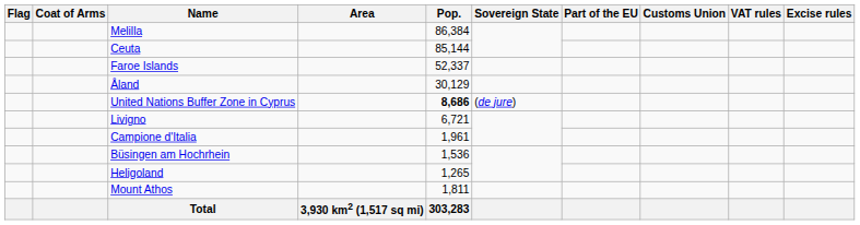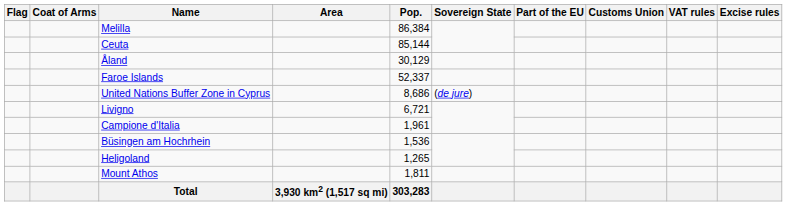 <table class="wikitable sortable" style=font-size:90%>
 <tr>
 <th class=unsortable>Flag</th>
 <th class=unsortable>Coat of Arms</th>
 <th>Name</th>
 <th>Area</th>
 <th>Pop.</th>
 <th>Sove­reign State</th>
 <th>Part of the EU</th>
 <th>Cus­toms Union</th>
 <th>VAT rules</th>
 <th>Ex­cise rules</th>
 </tr>
 <tr>
 <td></td>
 <td></td>
 <td><a href='#'>Melilla</a></td>
 <td style=text-align:right></td>
 <td style=text-align:right>86,384</td>
 <td rowspan=2></td>
 <td></td>
 <td></td>
 <td></td>
 <td></td>
 </tr>
 <tr>
 <td></td>
 <td></td>
 <td><a href='#'>Ceuta</a></td>
 <td style=text-align:right></td>
 <td style=text-align:right>85,144</td>
 <td></td>
 <td></td>
 <td></td>
 <td></td>
 </tr>
 <tr>
 <td></td>
 <td></td>
+<td><a href='#'>Åland</a></td>
+<td style=text-align:right></td>
+<td style=text-align:right>30,129</td>
+<td></td>
+<td></td>
+<td></td>
+<td></td>
+<td></td>
+</tr>
+<tr>
+<td></td>
+<td></td>
 <td><a href='#'>Faroe Islands</a></td>
 <td style=text-align:right></td>
 <td style=text-align:right>52,337</td>
 <td></td>
 <td></td>
 <td></td>
 <td></td>
 <td></td>
 </tr>
 <tr>
 <td></td>
 <td></td>
-<td><a href='#'>Åland</a></td>
-<td style=text-align:right></td>
-<td style=text-align:right>30,129</td>
-<td></td>
-<td></td>
-<td></td>
-<td></td>
-<td></td>
-</tr>
-<tr>
-<td></td>
-<td></td>
 <td><a href='#'>United Nations Buffer Zone in Cyprus</a></td>
 <td style=text-align:right></td>
-<td style=text-align:right><strong>8,686</strong></td>
+<td style=text-align:right>8,686</td>
 <td> (<em><a href='#'>de jure</a></em>)</td>
 <td></td>
 <td></td>
 <td></td>
 <td></td>
 </tr>
 <tr>
 <td></td>
 <td></td>
 <td><a href='#'>Livigno</a></td>
 <td style=text-align:right></td>
 <td style=text-align:right>6,721</td>
 <td rowspan=2></td>
 <td></td>
 <td></td>
 <td></td>
 <td></td>
 </tr>
 <tr>
 <td></td>
 <td></td>
 <td><a href='#'>Campione d'Italia</a></td>
 <td style=text-align:right></td>
 <td style=text-align:right>1,961</td>
 <td></td>
 <td></td>
 <td></td>
 <td></td>
 </tr>
 <tr>
 <td></td>
 <td></td>
 <td><a href='#'>Büsingen am Hochrhein</a></td>
 <td style=text-align:right></td>
 <td style=text-align:right>1,536</td>
 <td rowspan=2></td>
 <td></td>
 <td></td>
 <td></td>
 <td></td>
 </tr>
 <tr>
 <td></td>
 <td></td>
 <td><a href='#'>Heligoland</a></td>
 <td style=text-align:right></td>
 <td style=text-align:right>1,265</td>
 <td></td>
 <td></td>
 <td></td>
 <td></td>
 </tr>
 <tr>
 <td></td>
 <td></td>
 <td><a href='#'>Mount Athos</a></td>
 <td style=text-align:right></td>
 <td style=text-align:right>1,811</td>
 <td></td>
 <td></td>
 <td></td>
 <td></td>
 <td></td>
 </tr>
 <tr>
 <th></th>
 <th></th>
 <th>Total</th>
 <th style=text-align:right>3,930 km<sup>2</sup> (1,517 sq mi)</th>
 <th style=text-align:right>303,283</th>
 <th></th>
 <th></th>
 <th></th>
 <th></th>
 <th></th>
 </tr>
 </table>
